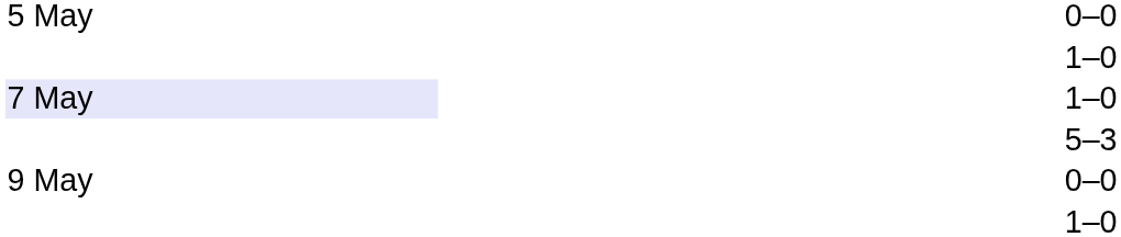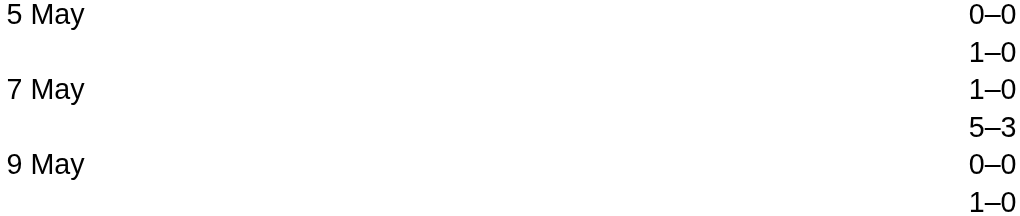 <table cellspacing=1 width=70%>
 <tr>
 <th width=25%></th>
 <th width=30%></th>
 <th width=15%></th>
 <th width=30%></th>
 </tr>
 <tr>
 <td>5 May</td>
 <td align=right></td>
 <td align=center>0–0</td>
 <td></td>
 </tr>
 <tr>
 <td></td>
 <td align=right></td>
 <td align=center>1–0</td>
 <td></td>
 </tr>
 <tr>
-<td style="background: lavender;">7 May</td>
+<td>7 May</td>
 <td align=right></td>
 <td align=center>1–0</td>
 <td></td>
 </tr>
 <tr>
 <td></td>
 <td align=right></td>
 <td align=center>5–3</td>
 <td></td>
 </tr>
 <tr>
 <td>9 May</td>
 <td align=right></td>
 <td align=center>0–0</td>
 <td></td>
 </tr>
 <tr>
 <td></td>
 <td align=right></td>
 <td align=center>1–0</td>
 <td></td>
 </tr>
 </table>
